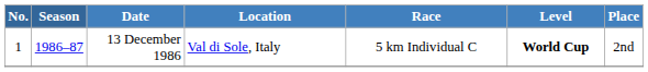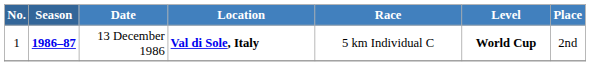 <table class="wikitable sortable" style="font-size:95%; text-align:center; border:grey solid 1px; border-collapse:collapse; background:#ffffff;">
 <tr style="background:#efefef;">
 <th style="background-color:#369; color:white;">No.</th>
 <th style="background-color:#369; color:white;">Season</th>
 <th style="background-color:#4180be; color:white; width:100px;">Date</th>
 <th style="background-color:#4180be; color:white; width:170px;">Location</th>
 <th style="background-color:#4180be; color:white; width:170px;">Race</th>
 <th style="background-color:#4180be; color:white; width:100px;">Level</th>
 <th style="background-color:#4180be; color:white;">Place</th>
 </tr>
 <tr>
 <td align=center>1</td>
-<td rowspan=1 align=center><a href='#'>1986–87</a></td>
+<td rowspan=1 align=center><strong><a href='#'>1986–87</a></strong></td>
 <td align=right>13 December 1986</td>
-<td align=left> <a href='#'>Val di Sole</a>, Italy</td>
+<td align=left><strong> <a href='#'>Val di Sole</a>, Italy</strong></td>
 <td>5 km Individual C</td>
 <td><strong>World Cup</strong></td>
 <td>2nd</td>
 </tr>
 <tr>
 </tr>
 </table>
